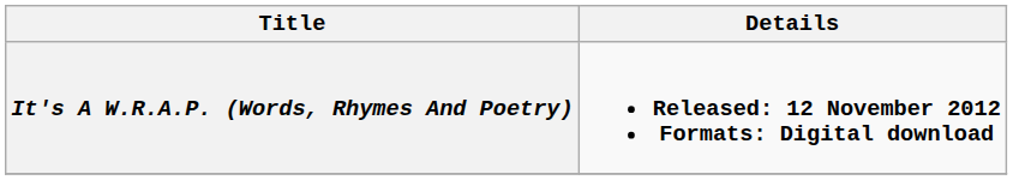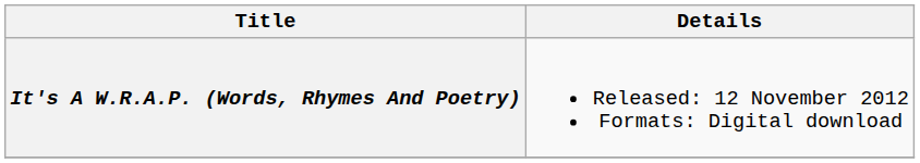 <table class="wikitable plainrowheaders" style="text-align:center;">
 <tr>
 <th scope="col">Title</th>
 <th scope="col">Details</th>
 </tr>
 <tr>
 <th scope="row"><em>It's A W.R.A.P. (Words, Rhymes And Poetry)</em></th>
-<td><strong><br><ul><li>Released: 12 November 2012</li><li>Formats: Digital download</li></ul></strong></td>
+<td><br><ul><li>Released: 12 November 2012</li><li>Formats: Digital download</li></ul></td>
 </tr>
 <tr>
 </tr>
 </table>
